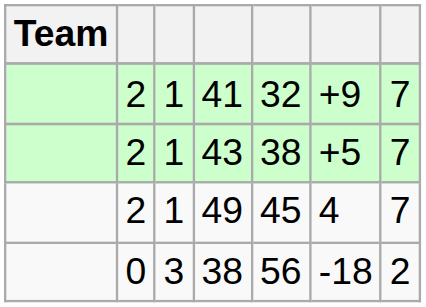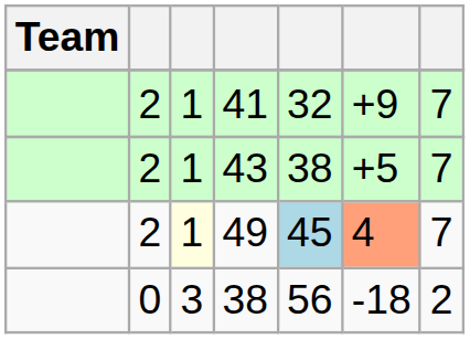 <table class="wikitable">
 <tr>
 <th>Team</th>
 <th></th>
 <th></th>
 <th></th>
 <th></th>
 <th></th>
 <th></th>
 </tr>
 <tr>
 </tr>
 <tr bgcolor=#cfc>
 <td></td>
 <td>2</td>
 <td>1</td>
 <td>41</td>
 <td>32</td>
 <td>+9</td>
 <td>7</td>
 </tr>
 <tr>
 </tr>
 <tr bgcolor=#cfc>
 <td></td>
 <td>2</td>
 <td>1</td>
 <td>43</td>
 <td>38</td>
 <td>+5</td>
 <td>7</td>
 </tr>
 <tr>
 <td></td>
 <td>2</td>
-<td>1</td>
+<td style="background: lightyellow;">1</td>
 <td>49</td>
-<td>45</td>
-<td>4</td>
+<td style="background: lightblue;">45</td>
+<td style="background: lightsalmon;">4</td>
 <td>7</td>
 </tr>
 <tr>
 <td></td>
 <td>0</td>
 <td>3</td>
 <td>38</td>
 <td>56</td>
 <td>-18</td>
 <td>2</td>
 </tr>
 </table>
